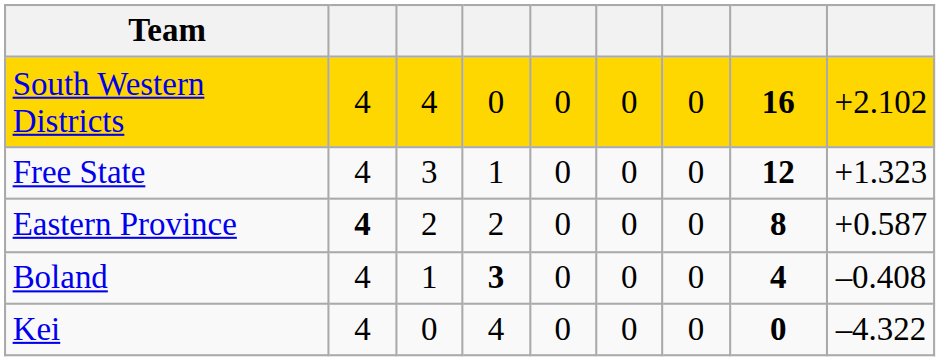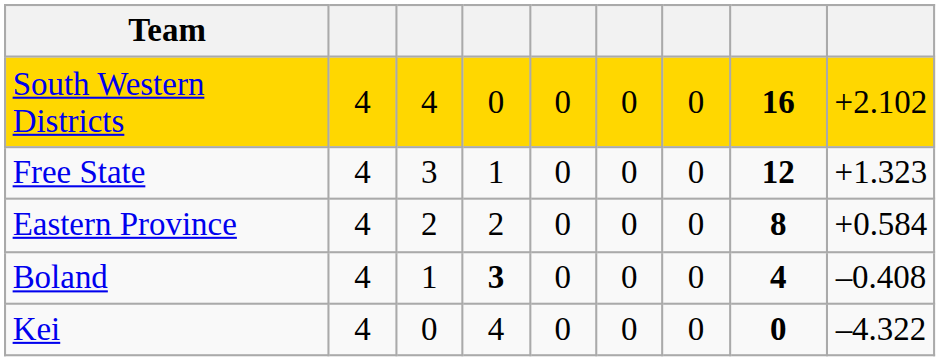 <table class="wikitable" style="text-align:center">
 <tr>
 <th width="150">Team</th>
 <th width="25"></th>
 <th width="25"></th>
 <th width="25"></th>
 <th width="25"></th>
 <th width="25"></th>
 <th width="25"></th>
 <th width="40"></th>
 <th width="45"></th>
 </tr>
 <tr style="background:gold">
 <td style="text-align:left"><a href='#'>South Western Districts</a></td>
 <td>4</td>
 <td>4</td>
 <td>0</td>
 <td>0</td>
 <td>0</td>
 <td>0</td>
 <td><strong>16</strong></td>
 <td>+2.102</td>
 </tr>
 <tr>
 <td style="text-align:left"><a href='#'>Free State</a></td>
 <td>4</td>
 <td>3</td>
 <td>1</td>
 <td>0</td>
 <td>0</td>
 <td>0</td>
 <td><strong>12</strong></td>
 <td>+1.323</td>
 </tr>
 <tr>
 <td style="text-align:left"><a href='#'>Eastern Province</a></td>
-<td><strong>4</strong></td>
+<td>4</td>
 <td>2</td>
 <td>2</td>
 <td>0</td>
 <td>0</td>
 <td>0</td>
 <td><strong>8</strong></td>
-<td>+0.587</td>
+<td>+0.584</td>
 </tr>
 <tr>
 <td style="text-align:left"><a href='#'>Boland</a></td>
 <td>4</td>
 <td>1</td>
 <td><strong>3</strong></td>
 <td>0</td>
 <td>0</td>
 <td>0</td>
 <td><strong>4</strong></td>
 <td>–0.408</td>
 </tr>
 <tr>
 <td style="text-align:left"><a href='#'>Kei</a></td>
 <td>4</td>
 <td>0</td>
 <td>4</td>
 <td>0</td>
 <td>0</td>
 <td>0</td>
 <td><strong>0</strong></td>
 <td>–4.322</td>
 </tr>
 </table>
